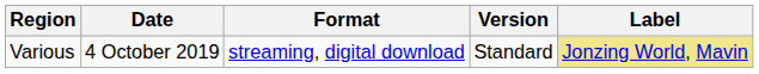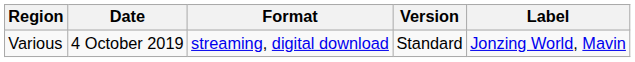 <table class="wikitable sortable">
 <tr>
 <th>Region</th>
 <th>Date</th>
 <th>Format</th>
 <th>Version</th>
 <th>Label</th>
 </tr>
 <tr>
 <td>Various</td>
 <td>4 October 2019</td>
 <td rowspan="2"><a href='#'>streaming</a>, <a href='#'>digital download</a></td>
 <td>Standard</td>
-<td style="background: khaki;"><a href='#'>Jonzing World</a>, <a href='#'>Mavin</a></td>
+<td><a href='#'>Jonzing World</a>, <a href='#'>Mavin</a></td>
 </tr>
 </table>
